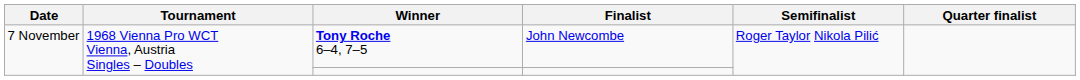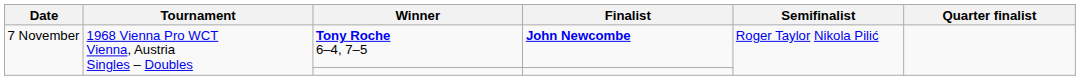 <table class="wikitable" style="font-size:85%;">
 <tr>
 <th width="75">Date</th>
 <th width="230">Tournament</th>
 <th width="210">Winner</th>
 <th width="210">Finalist</th>
 <th width="170">Semifinalist</th>
 <th width="170">Quarter finalist</th>
 </tr>
 <tr valign=top>
 <td rowspan=2>7 November</td>
 <td rowspan=2><a href='#'>1968 Vienna Pro WCT</a><br> <a href='#'>Vienna</a>, Austria<br><a href='#'>Singles</a> – <a href='#'>Doubles</a></td>
 <td> <strong><a href='#'>Tony Roche</a></strong><br>6–4, 7–5</td>
-<td> <a href='#'>John Newcombe</a></td>
+<td><strong> <a href='#'>John Newcombe</a></strong></td>
 <td rowspan=2> <a href='#'>Roger Taylor</a>   <a href='#'>Nikola Pilić</a></td>
 <td rowspan=2></td>
 </tr>
 <tr valign=top>
 <td></td>
 <td></td>
 </tr>
 </table>
